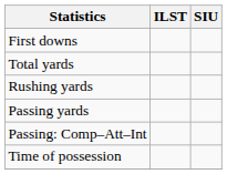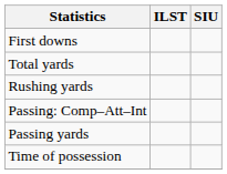 <table class="wikitable" style="float: left;">
 <tr>
 <th>Statistics</th>
 <th>ILST</th>
 <th>SIU</th>
 </tr>
 <tr>
 <td>First downs</td>
 <td></td>
 <td></td>
 </tr>
 <tr>
 <td>Total yards</td>
 <td></td>
 <td></td>
 </tr>
 <tr>
 <td>Rushing yards</td>
 <td></td>
 <td></td>
 </tr>
 <tr>
-<td>Passing yards</td>
+<td>Passing: Comp–Att–Int</td>
 <td></td>
 <td></td>
 </tr>
 <tr>
-<td>Passing: Comp–Att–Int</td>
+<td>Passing yards</td>
 <td></td>
 <td></td>
 </tr>
 <tr>
 <td>Time of possession</td>
 <td></td>
 <td></td>
 </tr>
 <tr>
 </tr>
 </table>
